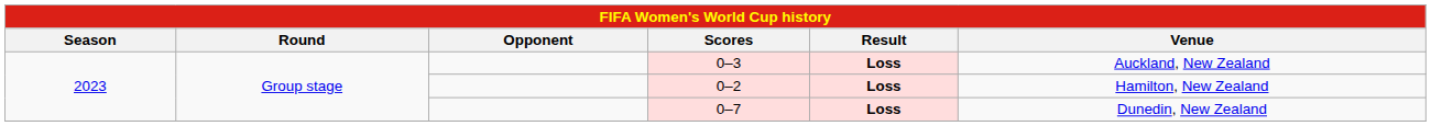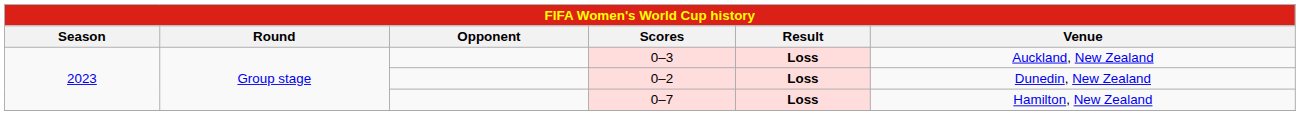 <table class="wikitable collapsible collapsed" style="text-align:center; font-size:90%; width:70%;">
 <tr>
 <th colspan="6" style="background: #DB2017; color: #FFFF00;">FIFA Women's World Cup history</th>
 </tr>
 <tr>
 <th>Season</th>
 <th>Round</th>
 <th>Opponent</th>
 <th>Scores</th>
 <th>Result</th>
 <th>Venue</th>
 </tr>
 <tr>
 <td rowspan=3>  <a href='#'>2023</a></td>
 <td rowspan=3><a href='#'>Group stage</a></td>
 <td style="text-align:left"></td>
 <td style="background:#fdd;">0–3</td>
 <td style="background:#fdd;"><strong>Loss</strong></td>
 <td rowspan=1> <a href='#'>Auckland</a>, <a href='#'>New Zealand</a></td>
 </tr>
 <tr>
 <td style="text-align:left"></td>
 <td style="background:#fdd;">0–2</td>
 <td style="background:#fdd;"><strong>Loss</strong></td>
-<td rowspan=1> <a href='#'>Hamilton</a>, <a href='#'>New Zealand</a></td>
+<td rowspan=1> <a href='#'>Dunedin</a>, <a href='#'>New Zealand</a></td>
 </tr>
 <tr>
 <td style="text-align:left"></td>
 <td style="background:#fdd;">0–7</td>
 <td style="background:#fdd;"><strong>Loss</strong></td>
-<td rowspan=1> <a href='#'>Dunedin</a>, <a href='#'>New Zealand</a></td>
+<td rowspan=1> <a href='#'>Hamilton</a>, <a href='#'>New Zealand</a></td>
 </tr>
 <tr>
 </tr>
 </table>
